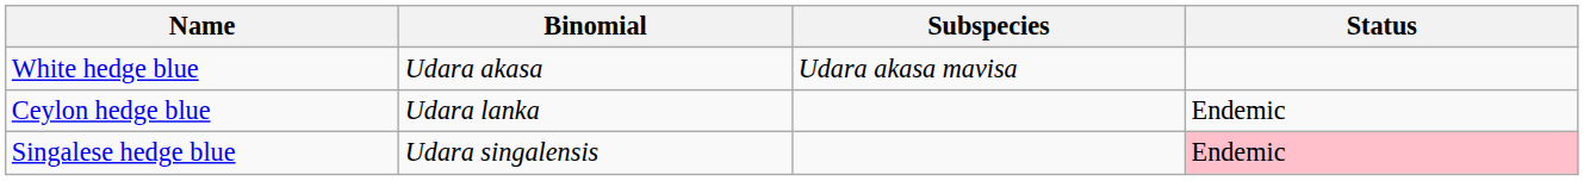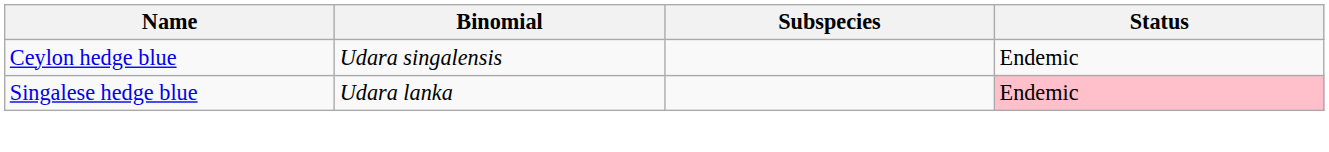 <table width=60% class="wikitable">
 <tr>
 <th width=20%>Name</th>
 <th width=20%>Binomial</th>
 <th width=20%>Subspecies</th>
 <th width=20%>Status</th>
 </tr>
 <tr>
-<td><a href='#'>White hedge blue</a><br> </td>
-<td><em>Udara akasa</em></td>
-<td><em>Udara akasa mavisa</em></td>
-<td></td>
-</tr>
-<tr>
 <td><a href='#'>Ceylon hedge blue</a></td>
-<td><em>Udara lanka</em></td>
+<td><em>Udara singalensis</em></td>
 <td></td>
 <td>Endemic</td>
 </tr>
 <tr>
 <td><a href='#'>Singalese hedge blue</a></td>
-<td><em>Udara singalensis</em></td>
+<td><em>Udara lanka</em></td>
 <td></td>
 <td style="background: pink;">Endemic</td>
 </tr>
 </table>
